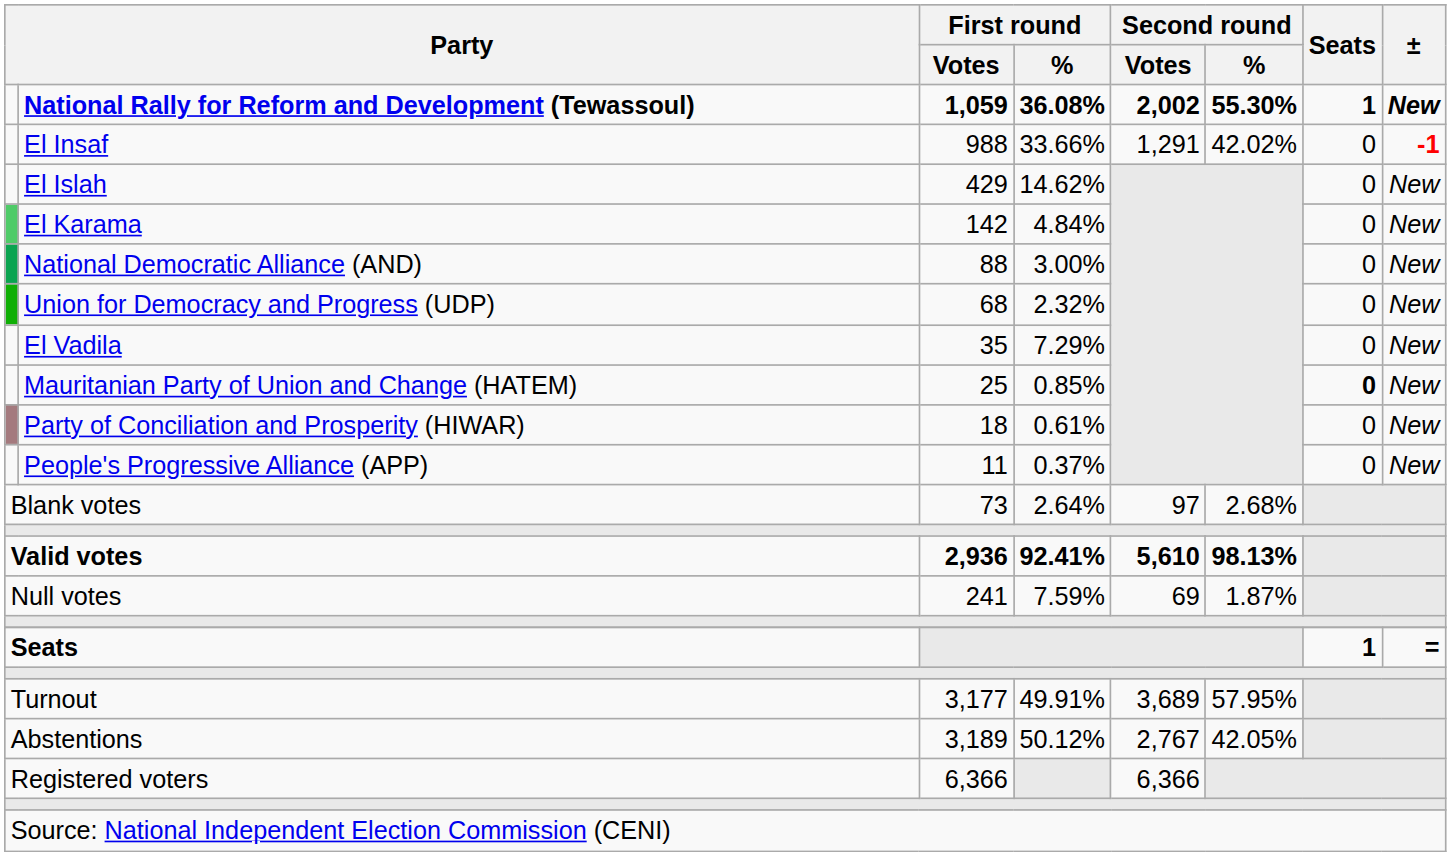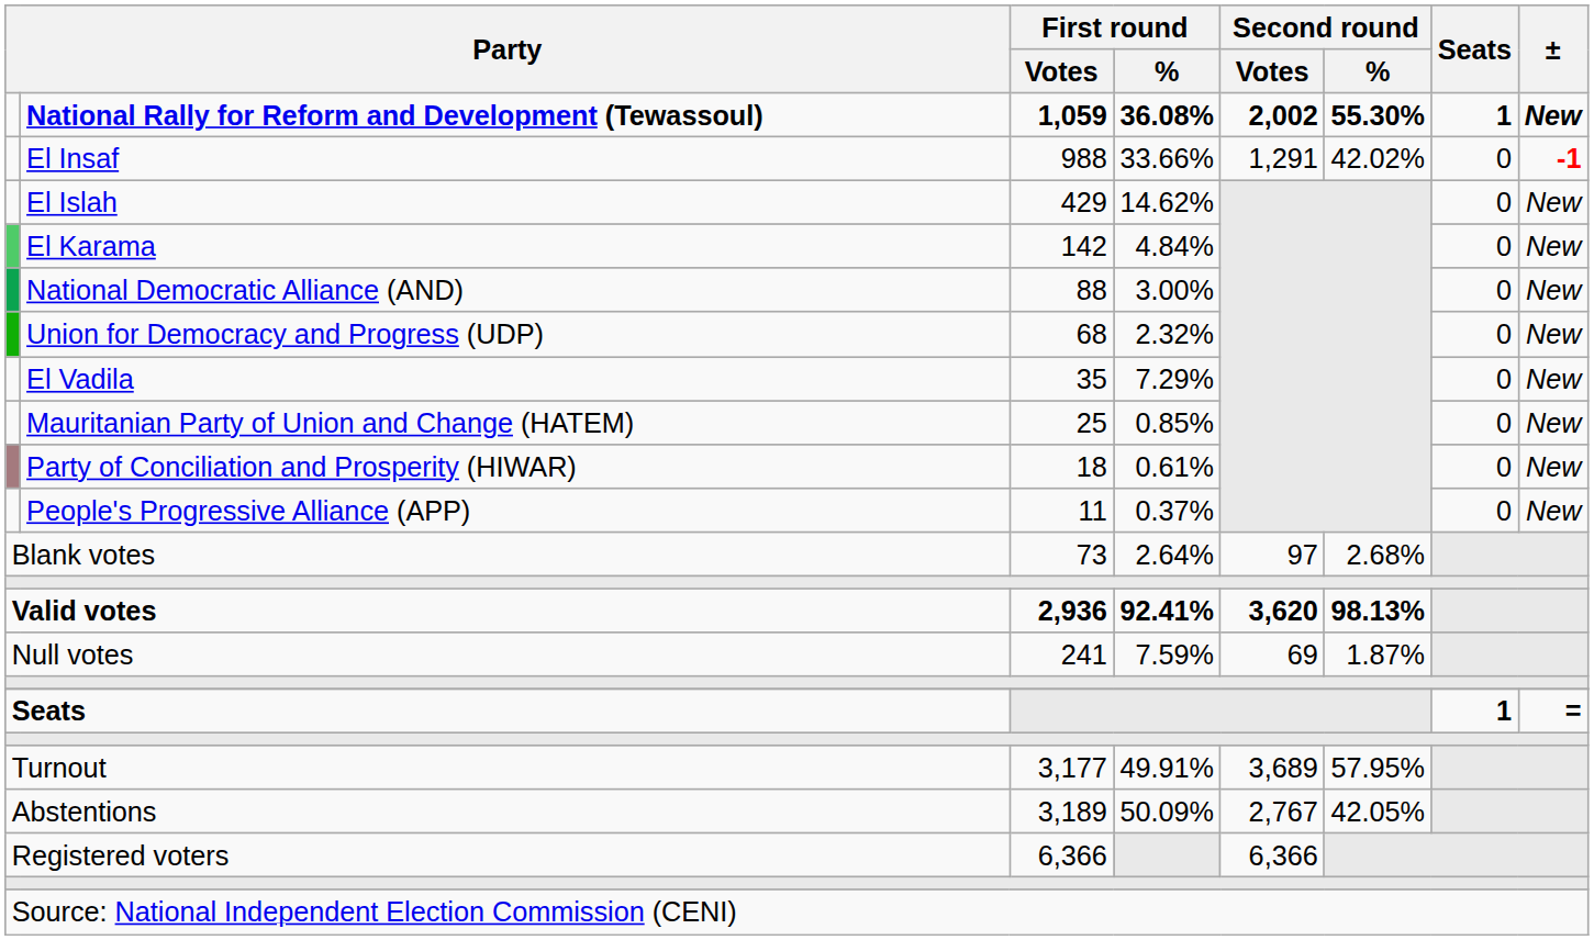 <table class="wikitable" style="text-align:right;font-size:95%;">
 <tr>
 <th rowspan="2" colspan="2" width="700">Party</th>
 <th colspan="2">First round</th>
 <th colspan="2">Second round</th>
 <th rowspan="2" width="25">Seats</th>
 <th rowspan="2" width="20">±</th>
 </tr>
 <tr>
 <th width="50">Votes</th>
 <th width="50">%</th>
 <th width="50">Votes</th>
 <th width="50">%</th>
 </tr>
 <tr>
 <td width="1" style="color:inherit;background:"></td>
 <td style="text-align:left;"><strong><a href='#'>National Rally for Reform and Development</a> (Tewassoul)</strong></td>
 <td><strong>1,059</strong></td>
 <td><strong>36.08%</strong></td>
 <td><strong>2,002</strong></td>
 <td><strong>55.30%</strong></td>
 <td><strong>1</strong></td>
 <td><strong><em>New</em></strong></td>
 </tr>
 <tr>
 <td width="1" style="color:inherit;background:"></td>
 <td style="text-align:left;"><a href='#'>El Insaf</a></td>
 <td>988</td>
 <td>33.66%</td>
 <td>1,291</td>
 <td>42.02%</td>
 <td>0</td>
 <td style="color:red;"><strong>-1</strong></td>
 </tr>
 <tr>
 <td width="1" style="color:inherit;background:"></td>
 <td style="text-align:left;"><a href='#'>El Islah</a></td>
 <td>429</td>
 <td>14.62%</td>
 <td colspan="2" rowspan="8" style="background:#E9E9E9;"></td>
 <td>0</td>
 <td><em>New</em></td>
 </tr>
 <tr>
 <td width="1" style="color:inherit;background:#4FCB68;"></td>
 <td style="text-align:left;"><a href='#'>El Karama</a></td>
 <td>142</td>
 <td>4.84%</td>
 <td>0</td>
 <td><em>New</em></td>
 </tr>
 <tr>
 <td width="1" style="color:inherit;background:#0AA450;"></td>
 <td style="text-align:left;"><a href='#'>National Democratic Alliance</a> (AND)</td>
 <td>88</td>
 <td>3.00%</td>
 <td>0</td>
 <td><em>New</em></td>
 </tr>
 <tr>
 <td width="1" style="color:inherit;background:#0FAF05;"></td>
 <td style="text-align:left;"><a href='#'>Union for Democracy and Progress</a> (UDP)</td>
 <td>68</td>
 <td>2.32%</td>
 <td>0</td>
 <td><em>New</em></td>
 </tr>
 <tr>
 <td width="1" style="color:inherit;background:"></td>
 <td style="text-align:left;"><a href='#'>El Vadila</a></td>
 <td>35</td>
 <td>7.29%</td>
 <td>0</td>
 <td><em>New</em></td>
 </tr>
 <tr>
 <td width="1" style="color:inherit;background:"></td>
 <td style="text-align:left;"><a href='#'>Mauritanian Party of Union and Change</a> (HATEM)</td>
 <td>25</td>
 <td>0.85%</td>
-<td><strong>0</strong></td>
+<td>0</td>
 <td><em>New</em></td>
 </tr>
 <tr>
 <td width="1" style="color:inherit;background:#A47A7E;"></td>
 <td style="text-align:left;"><a href='#'>Party of Conciliation and Prosperity</a> (HIWAR)</td>
 <td>18</td>
 <td>0.61%</td>
 <td>0</td>
 <td><em>New</em></td>
 </tr>
 <tr>
 <td width="1" style="color:inherit;background:"></td>
 <td style="text-align:left;"><a href='#'>People's Progressive Alliance</a> (APP)</td>
 <td>11</td>
 <td>0.37%</td>
 <td>0</td>
 <td><em>New</em></td>
 </tr>
 <tr>
 <td colspan="2" style="text-align:left;">Blank votes</td>
 <td>73</td>
 <td>2.64%</td>
 <td>97</td>
 <td>2.68%</td>
 <td colspan="2" style="background:#E9E9E9;"></td>
 </tr>
 <tr>
 <td colspan="8" style="background:#E9E9E9;"></td>
 </tr>
 <tr style="font-weight:bold;">
 <td colspan="2" style="text-align:left;">Valid votes</td>
 <td>2,936</td>
 <td>92.41%</td>
-<td>5,610</td>
+<td>3,620</td>
 <td>98.13%</td>
 <td colspan="2" style="background:#E9E9E9;"></td>
 </tr>
 <tr>
 <td colspan="2" style="text-align:left;">Null votes</td>
 <td>241</td>
 <td>7.59%</td>
 <td>69</td>
 <td>1.87%</td>
 <td colspan="2" style="background:#E9E9E9;"></td>
 </tr>
 <tr>
 <td colspan="8" style="background:#E9E9E9;"></td>
 </tr>
 <tr>
 </tr>
 <tr style="font-weight:bold;">
 <td colspan="2" style="text-align:left;">Seats</td>
 <td colspan="4" style="background:#E9E9E9;"></td>
 <td>1</td>
 <td>=</td>
 </tr>
 <tr>
 <td colspan="8" style="background:#E9E9E9;"></td>
 </tr>
 <tr>
 <td colspan="2" style="text-align:left;">Turnout</td>
 <td>3,177</td>
 <td>49.91%</td>
 <td>3,689</td>
 <td>57.95%</td>
 <td colspan="2" style="background:#E9E9E9;"></td>
 </tr>
 <tr>
 <td colspan="2" style="text-align:left;">Abstentions</td>
 <td>3,189</td>
-<td>50.12%</td>
+<td>50.09%</td>
 <td>2,767</td>
 <td>42.05%</td>
 <td colspan="2" style="background:#E9E9E9;"></td>
 </tr>
 <tr>
 <td colspan="2" style="text-align:left;">Registered voters</td>
 <td>6,366</td>
 <td style="color:inherit;background:#E9E9E9;"></td>
 <td>6,366</td>
 <td colspan="3" style="background:#E9E9E9;"></td>
 </tr>
 <tr>
 <td colspan="8" style="background:#E9E9E9;"></td>
 </tr>
 <tr>
 <td colspan="8" style="text-align:left;">Source: <a href='#'>National Independent Election Commission</a> (CENI)</td>
 </tr>
 </table>
